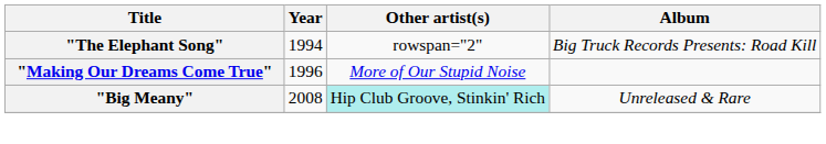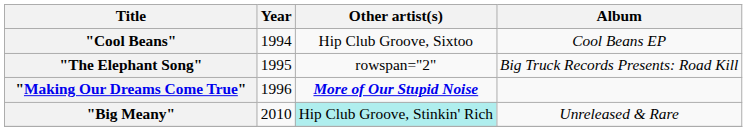 <table class="wikitable plainrowheaders" style="text-align:center;">
 <tr>
 <th scope="col" style="width:16em;">Title</th>
 <th scope="col">Year</th>
 <th scope="col">Other artist(s)</th>
 <th scope="col">Album</th>
 </tr>
 <tr>
+<th scope="row">"Cool Beans"</th>
+<td>1994</td>
+<td>Hip Club Groove, Sixtoo</td>
+<td><em>Cool Beans EP</em></td>
+</tr>
+<tr>
 <th scope="row">"The Elephant Song"</th>
-<td>1994</td>
+<td>1995</td>
 <td>rowspan="2" </td>
 <td><em>Big Truck Records Presents: Road Kill</em></td>
 </tr>
 <tr>
 <th scope="row">"<a href='#'>Making Our Dreams Come True</a>"</th>
 <td>1996</td>
-<td><em><a href='#'>More of Our Stupid Noise</a></em></td>
+<td><strong><em><a href='#'>More of Our Stupid Noise</a></em></strong></td>
 </tr>
 <tr>
 <th scope="row">"Big Meany"</th>
-<td>2008</td>
+<td>2010</td>
 <td style="background: paleturquoise;">Hip Club Groove, Stinkin' Rich</td>
 <td><em>Unreleased & Rare</em></td>
 </tr>
 <tr>
 </tr>
 </table>
